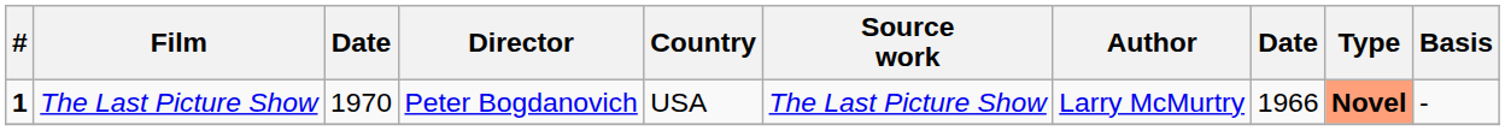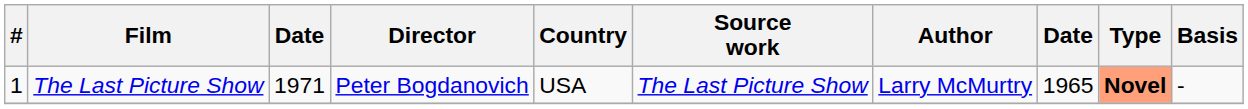 <table class="wikitable">
 <tr>
 <th>#</th>
 <th>Film</th>
 <th>Date</th>
 <th>Director</th>
 <th>Country</th>
 <th>Source<br>work</th>
 <th>Author</th>
 <th>Date</th>
 <th>Type</th>
 <th>Basis</th>
 </tr>
 <tr>
-<td><strong>1</strong></td>
+<td>1</td>
 <td><em><a href='#'>The Last Picture Show</a></em> </td>
-<td>1970</td>
+<td>1971</td>
 <td><a href='#'>Peter Bogdanovich</a></td>
 <td>USA</td>
 <td><em><a href='#'>The Last Picture Show</a></em></td>
 <td><a href='#'>Larry McMurtry</a></td>
-<td>1966</td>
+<td>1965</td>
 <td style="background: lightsalmon;"><strong>Novel</strong></td>
 <td>-</td>
 </tr>
 <tr>
 </tr>
 </table>
